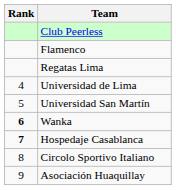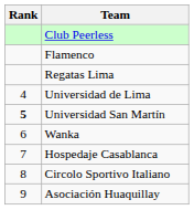 <table class="wikitable" style="text-align: center;">
 <tr>
 <th width=40>Rank</th>
 <th width=180>Team</th>
 </tr>
 <tr bgcolor=#ccffcc align=center>
 <td></td>
 <td style="text-align:left;"><a href='#'>Club Peerless</a></td>
 </tr>
 <tr align=center>
 <td></td>
 <td style="text-align:left;">Flamenco</td>
 </tr>
 <tr align=center>
 <td></td>
 <td style="text-align:left;">Regatas Lima</td>
 </tr>
 <tr align=center>
 <td>4</td>
 <td style="text-align:left;">Universidad de Lima</td>
 </tr>
 <tr align=center>
-<td>5</td>
+<td><strong>5</strong></td>
 <td style="text-align:left;">Universidad San Martín</td>
 </tr>
 <tr align=center>
-<td><strong>6</strong></td>
+<td>6</td>
 <td style="text-align:left;">Wanka</td>
 </tr>
 <tr align=center>
-<td><strong>7</strong></td>
+<td>7</td>
 <td style="text-align:left;">Hospedaje Casablanca</td>
 </tr>
 <tr align=center>
 <td>8</td>
 <td style="text-align:left;">Circolo Sportivo Italiano</td>
 </tr>
 <tr align=center>
 <td>9</td>
 <td style="text-align:left;">Asociación Huaquillay</td>
 </tr>
 </table>
